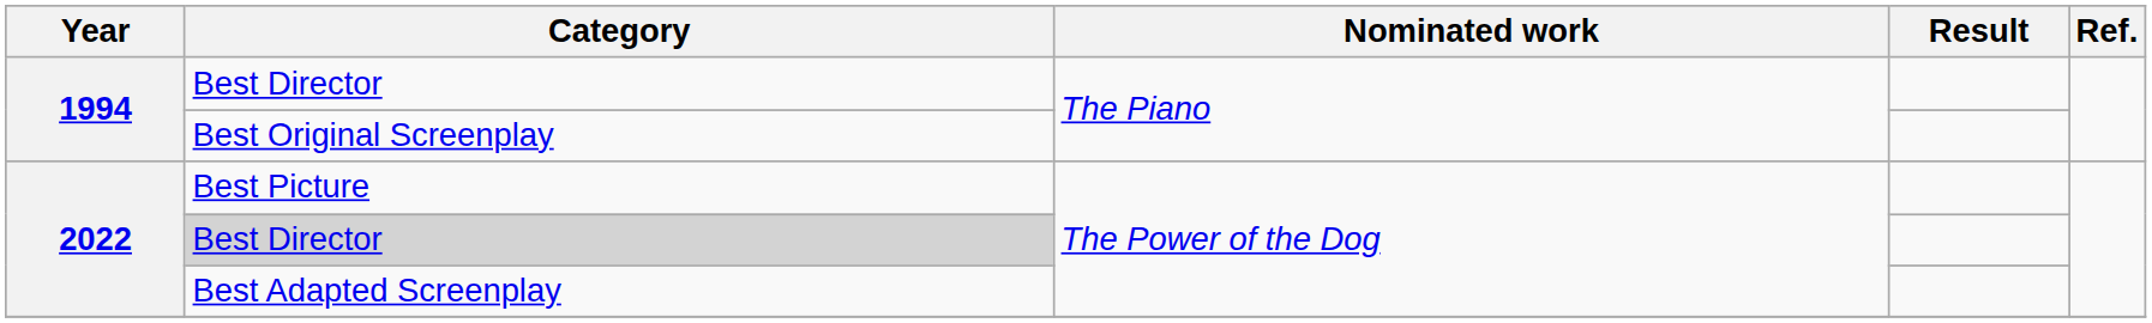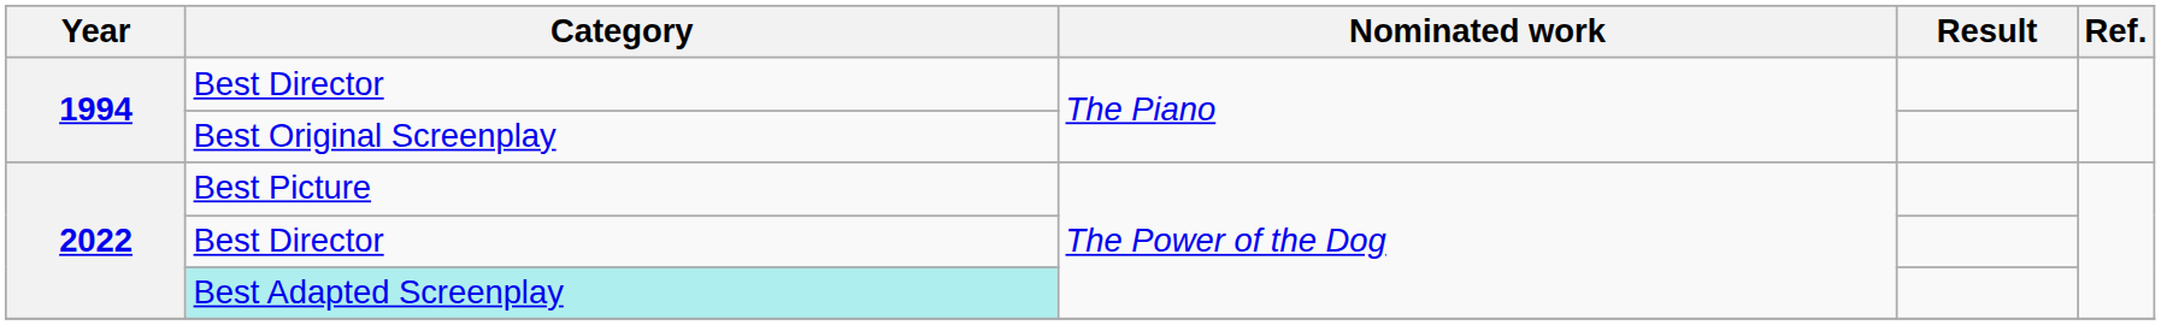 <table class=wikitable>
 <tr>
 <th scope="col" style="width:5em;">Year</th>
 <th scope="col" style="width:26em;">Category</th>
 <th scope="col" style="width:25em;">Nominated work</th>
 <th scope="col" style="width:5em;">Result</th>
 <th>Ref.</th>
 </tr>
 <tr>
 <th scope="row" rowspan="2"><a href='#'>1994</a></th>
 <td><a href='#'>Best Director</a></td>
 <td rowspan="2"><em><a href='#'>The Piano</a></em></td>
 <td></td>
 <td rowspan="2"></td>
 </tr>
 <tr>
 <td><a href='#'>Best Original Screenplay</a></td>
 <td></td>
 </tr>
 <tr>
 <th scope="row" rowspan="3"><a href='#'>2022</a></th>
 <td><a href='#'>Best Picture</a></td>
 <td rowspan="3"><em><a href='#'>The Power of the Dog</a></em></td>
 <td></td>
 <td rowspan=3></td>
 </tr>
 <tr>
-<td style="background: lightgrey;"><a href='#'>Best Director</a></td>
+<td><a href='#'>Best Director</a></td>
 <td></td>
 </tr>
 <tr>
-<td><a href='#'>Best Adapted Screenplay</a></td>
+<td style="background: paleturquoise;"><a href='#'>Best Adapted Screenplay</a></td>
 <td></td>
 </tr>
 <tr>
 </tr>
 </table>
